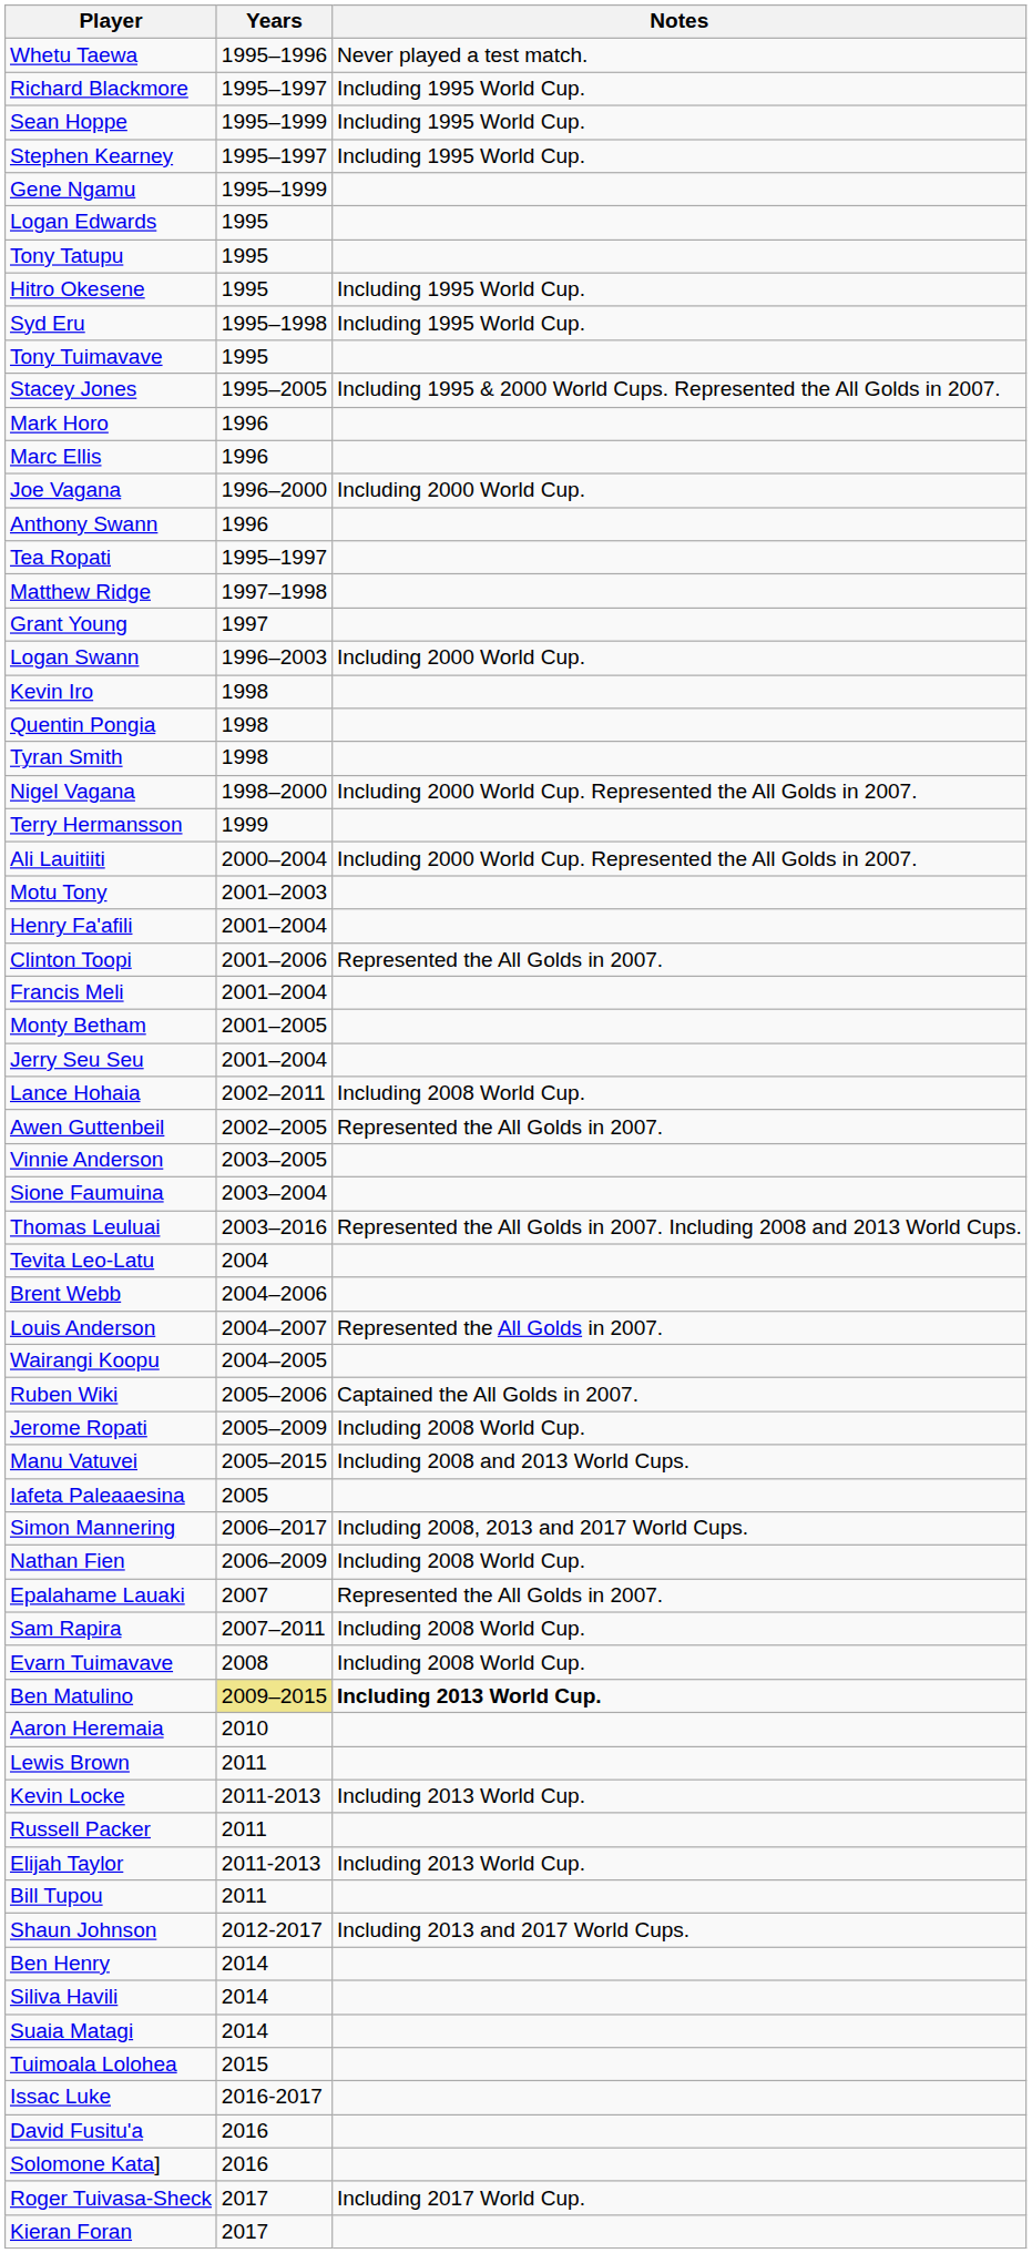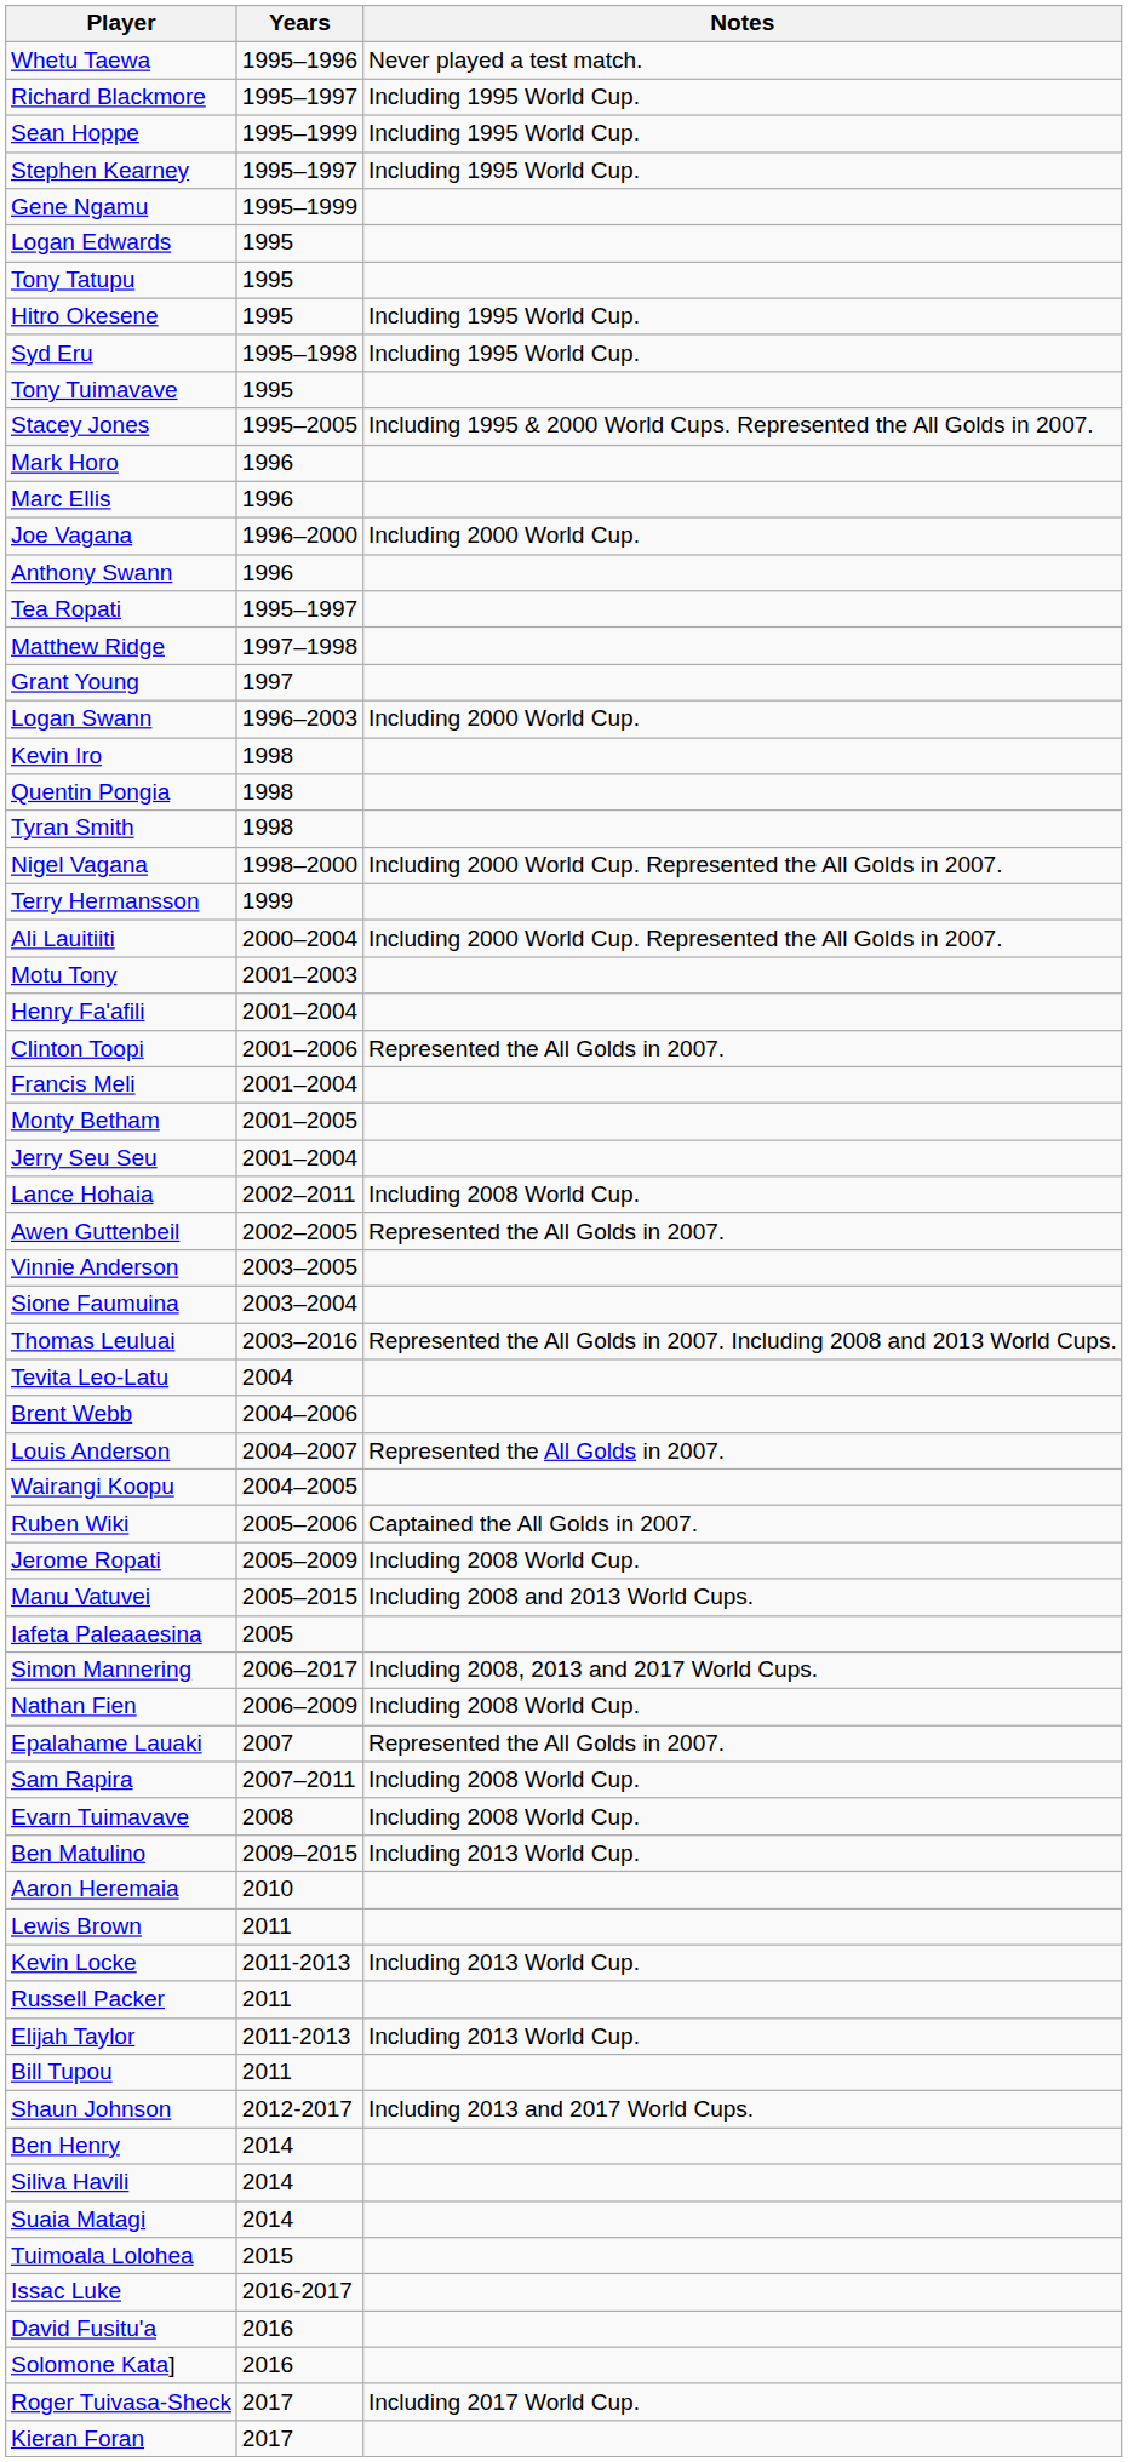 <table class="wikitable sortable">
 <tr>
 <th>Player</th>
 <th>Years</th>
 <th>Notes</th>
 </tr>
 <tr>
 <td><a href='#'>Whetu Taewa</a></td>
 <td>1995–1996</td>
 <td>Never played a test match.</td>
 </tr>
 <tr>
 <td><a href='#'>Richard Blackmore</a></td>
 <td>1995–1997</td>
 <td>Including 1995 World Cup.</td>
 </tr>
 <tr>
 <td><a href='#'>Sean Hoppe</a></td>
 <td>1995–1999</td>
 <td>Including 1995 World Cup.</td>
 </tr>
 <tr>
 <td><a href='#'>Stephen Kearney</a></td>
 <td>1995–1997</td>
 <td>Including 1995 World Cup.</td>
 </tr>
 <tr>
 <td><a href='#'>Gene Ngamu</a></td>
 <td>1995–1999</td>
 <td></td>
 </tr>
 <tr>
 <td><a href='#'>Logan Edwards</a></td>
 <td>1995</td>
 <td></td>
 </tr>
 <tr>
 <td><a href='#'>Tony Tatupu</a></td>
 <td>1995</td>
 <td></td>
 </tr>
 <tr>
 <td><a href='#'>Hitro Okesene</a></td>
 <td>1995</td>
 <td>Including 1995 World Cup.</td>
 </tr>
 <tr>
 <td><a href='#'>Syd Eru</a></td>
 <td>1995–1998</td>
 <td>Including 1995 World Cup.</td>
 </tr>
 <tr>
 <td><a href='#'>Tony Tuimavave</a></td>
 <td>1995</td>
 <td></td>
 </tr>
 <tr>
 <td><a href='#'>Stacey Jones</a></td>
 <td>1995–2005</td>
 <td>Including 1995 & 2000 World Cups. Represented the All Golds in 2007.</td>
 </tr>
 <tr>
 <td><a href='#'>Mark Horo</a></td>
 <td>1996</td>
 <td></td>
 </tr>
 <tr>
 <td><a href='#'>Marc Ellis</a></td>
 <td>1996</td>
 <td></td>
 </tr>
 <tr>
 <td><a href='#'>Joe Vagana</a></td>
 <td>1996–2000</td>
 <td>Including 2000 World Cup.</td>
 </tr>
 <tr>
 <td><a href='#'>Anthony Swann</a></td>
 <td>1996</td>
 <td></td>
 </tr>
 <tr>
 <td><a href='#'>Tea Ropati</a></td>
 <td>1995–1997</td>
 <td></td>
 </tr>
 <tr>
 <td><a href='#'>Matthew Ridge</a></td>
 <td>1997–1998</td>
 <td></td>
 </tr>
 <tr>
 <td><a href='#'>Grant Young</a></td>
 <td>1997</td>
 <td></td>
 </tr>
 <tr>
 <td><a href='#'>Logan Swann</a></td>
 <td>1996–2003</td>
 <td>Including 2000 World Cup.</td>
 </tr>
 <tr>
 <td><a href='#'>Kevin Iro</a></td>
 <td>1998</td>
 <td></td>
 </tr>
 <tr>
 <td><a href='#'>Quentin Pongia</a></td>
 <td>1998</td>
 <td></td>
 </tr>
 <tr>
 <td><a href='#'>Tyran Smith</a></td>
 <td>1998</td>
 <td></td>
 </tr>
 <tr>
 <td><a href='#'>Nigel Vagana</a></td>
 <td>1998–2000</td>
 <td>Including 2000 World Cup. Represented the All Golds in 2007.</td>
 </tr>
 <tr>
 <td><a href='#'>Terry Hermansson</a></td>
 <td>1999</td>
 <td></td>
 </tr>
 <tr>
 <td><a href='#'>Ali Lauitiiti</a></td>
 <td>2000–2004</td>
 <td>Including 2000 World Cup. Represented the All Golds in 2007.</td>
 </tr>
 <tr>
 <td><a href='#'>Motu Tony</a></td>
 <td>2001–2003</td>
 <td></td>
 </tr>
 <tr>
 <td><a href='#'>Henry Fa'afili</a></td>
 <td>2001–2004</td>
 <td></td>
 </tr>
 <tr>
 <td><a href='#'>Clinton Toopi</a></td>
 <td>2001–2006</td>
 <td>Represented the All Golds in 2007.</td>
 </tr>
 <tr>
 <td><a href='#'>Francis Meli</a></td>
 <td>2001–2004</td>
 <td></td>
 </tr>
 <tr>
 <td><a href='#'>Monty Betham</a></td>
 <td>2001–2005</td>
 <td></td>
 </tr>
 <tr>
 <td><a href='#'>Jerry Seu Seu</a></td>
 <td>2001–2004</td>
 <td></td>
 </tr>
 <tr>
 <td><a href='#'>Lance Hohaia</a></td>
 <td>2002–2011</td>
 <td>Including 2008 World Cup.</td>
 </tr>
 <tr>
 <td><a href='#'>Awen Guttenbeil</a></td>
 <td>2002–2005</td>
 <td>Represented the All Golds in 2007.</td>
 </tr>
 <tr>
 <td><a href='#'>Vinnie Anderson</a></td>
 <td>2003–2005</td>
 <td></td>
 </tr>
 <tr>
 <td><a href='#'>Sione Faumuina</a></td>
 <td>2003–2004</td>
 <td></td>
 </tr>
 <tr>
 <td><a href='#'>Thomas Leuluai</a></td>
 <td>2003–2016</td>
 <td>Represented the All Golds in 2007. Including 2008 and 2013 World Cups.</td>
 </tr>
 <tr>
 <td><a href='#'>Tevita Leo-Latu</a></td>
 <td>2004</td>
 <td></td>
 </tr>
 <tr>
 <td><a href='#'>Brent Webb</a></td>
 <td>2004–2006</td>
 <td></td>
 </tr>
 <tr>
 <td><a href='#'>Louis Anderson</a></td>
 <td>2004–2007</td>
 <td>Represented the <a href='#'>All Golds</a> in 2007.</td>
 </tr>
 <tr>
 <td><a href='#'>Wairangi Koopu</a></td>
 <td>2004–2005</td>
 <td></td>
 </tr>
 <tr>
 <td><a href='#'>Ruben Wiki</a></td>
 <td>2005–2006</td>
 <td>Captained the All Golds in 2007.</td>
 </tr>
 <tr>
 <td><a href='#'>Jerome Ropati</a></td>
 <td>2005–2009</td>
 <td>Including 2008 World Cup.</td>
 </tr>
 <tr>
 <td><a href='#'>Manu Vatuvei</a></td>
 <td>2005–2015</td>
 <td>Including 2008 and 2013 World Cups.</td>
 </tr>
 <tr>
 <td><a href='#'>Iafeta Paleaaesina</a></td>
 <td>2005</td>
 <td></td>
 </tr>
 <tr>
 <td><a href='#'>Simon Mannering</a></td>
 <td>2006–2017</td>
 <td>Including 2008, 2013 and 2017 World Cups.</td>
 </tr>
 <tr>
 <td><a href='#'>Nathan Fien</a></td>
 <td>2006–2009</td>
 <td>Including 2008 World Cup.</td>
 </tr>
 <tr>
 <td><a href='#'>Epalahame Lauaki</a></td>
 <td>2007</td>
 <td>Represented the All Golds in 2007.</td>
 </tr>
 <tr>
 <td><a href='#'>Sam Rapira</a></td>
 <td>2007–2011</td>
 <td>Including 2008 World Cup.</td>
 </tr>
 <tr>
 <td><a href='#'>Evarn Tuimavave</a></td>
 <td>2008</td>
 <td>Including 2008 World Cup.</td>
 </tr>
 <tr>
 <td><a href='#'>Ben Matulino</a></td>
-<td style="background: khaki;">2009–2015</td>
-<td><strong>Including 2013 World Cup.</strong></td>
+<td>2009–2015</td>
+<td>Including 2013 World Cup.</td>
 </tr>
 <tr>
 <td><a href='#'>Aaron Heremaia</a></td>
 <td>2010</td>
 <td></td>
 </tr>
 <tr>
 <td><a href='#'>Lewis Brown</a></td>
 <td>2011</td>
 <td></td>
 </tr>
 <tr>
 <td><a href='#'>Kevin Locke</a></td>
 <td>2011-2013</td>
 <td>Including 2013 World Cup.</td>
 </tr>
 <tr>
 <td><a href='#'>Russell Packer</a></td>
 <td>2011</td>
 <td></td>
 </tr>
 <tr>
 <td><a href='#'>Elijah Taylor</a></td>
 <td>2011-2013</td>
 <td>Including 2013 World Cup.</td>
 </tr>
 <tr>
 <td><a href='#'>Bill Tupou</a></td>
 <td>2011</td>
 <td></td>
 </tr>
 <tr>
 <td><a href='#'>Shaun Johnson</a></td>
 <td>2012-2017</td>
 <td>Including 2013 and 2017 World Cups.</td>
 </tr>
 <tr>
 <td><a href='#'>Ben Henry</a></td>
 <td>2014</td>
 <td></td>
 </tr>
 <tr>
 <td><a href='#'>Siliva Havili</a></td>
 <td>2014</td>
 <td></td>
 </tr>
 <tr>
 <td><a href='#'>Suaia Matagi</a></td>
 <td>2014</td>
 <td></td>
 </tr>
 <tr>
 <td><a href='#'>Tuimoala Lolohea</a></td>
 <td>2015</td>
 <td></td>
 </tr>
 <tr>
 <td><a href='#'>Issac Luke</a></td>
 <td>2016-2017</td>
 <td></td>
 </tr>
 <tr>
 <td><a href='#'>David Fusitu'a</a></td>
 <td>2016</td>
 <td></td>
 </tr>
 <tr>
 <td><a href='#'>Solomone Kata</a>]</td>
 <td>2016</td>
 <td></td>
 </tr>
 <tr>
 <td><a href='#'>Roger Tuivasa-Sheck</a></td>
 <td>2017</td>
 <td>Including 2017 World Cup.</td>
 </tr>
 <tr>
 <td><a href='#'>Kieran Foran</a></td>
 <td>2017</td>
 <td></td>
 </tr>
 </table>
